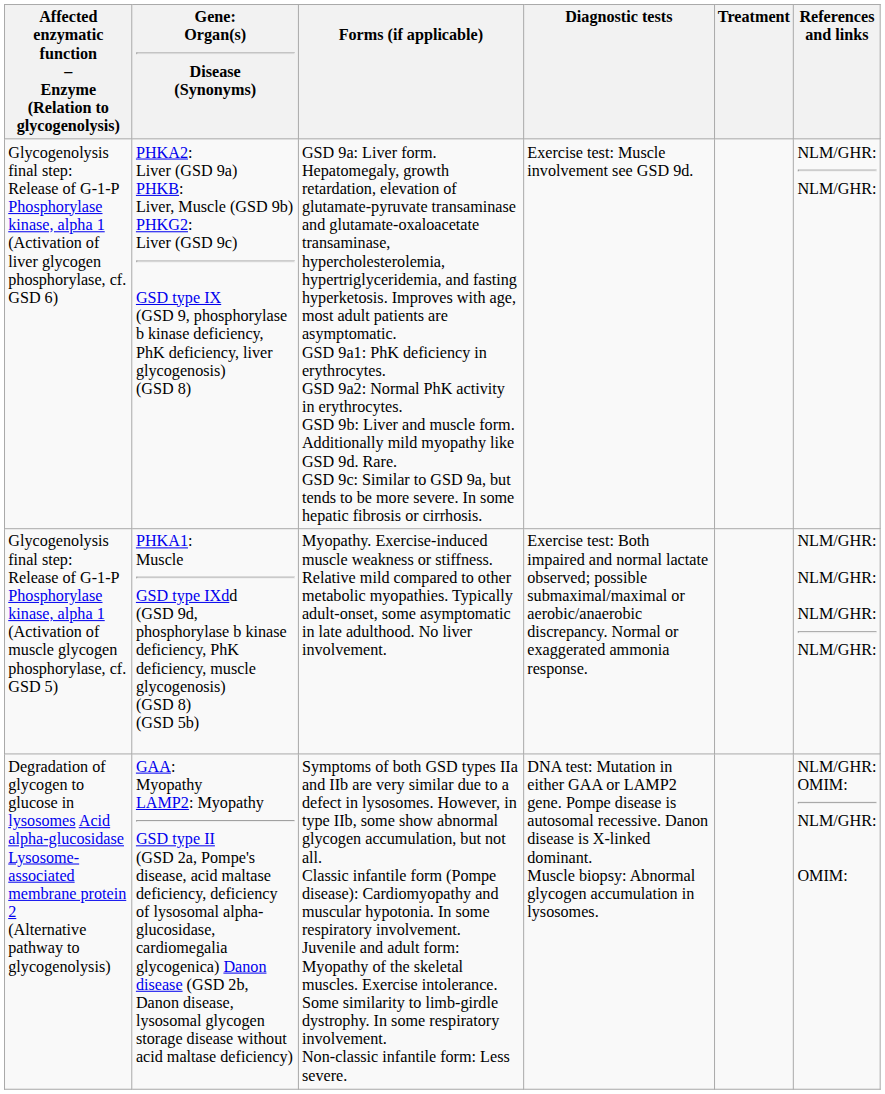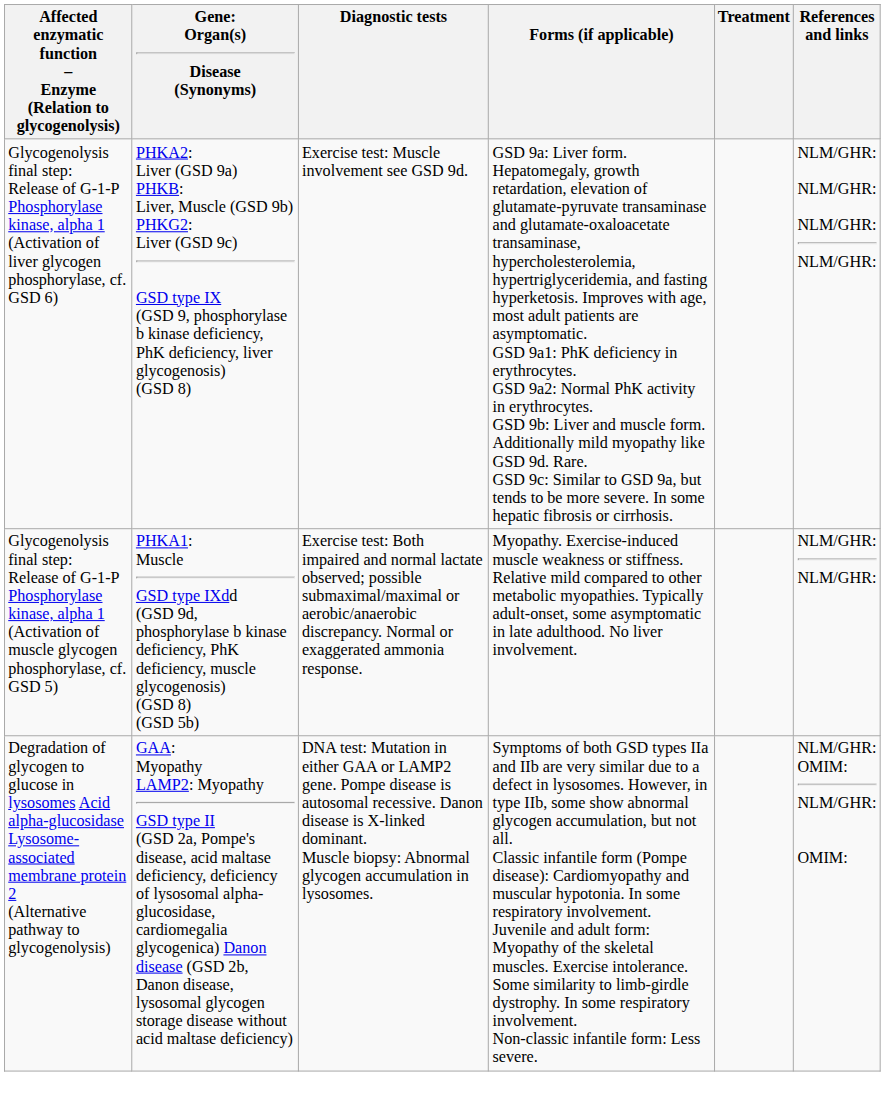 <table class="wikitable">
 <tr valign="top">
 <th>Affected enzymatic function <br>–<br> Enzyme <br> (Relation to glycogenolysis)</th>
 <th>Gene: <br> Organ(s) <hr> Disease <br>(Synonyms)</th>
+<th>Diagnostic tests</th>
 <th> <br> Forms (if applicable) <br> </th>
-<th>Diagnostic tests</th>
 <th>Treatment</th>
 <th>References <br> and links</th>
 </tr>
 <tr valign="top">
 <td>Glycogenolysis final step: <br> Release of G-1-P  <a href='#'>Phosphorylase kinase, alpha 1</a> <br> (Activation of liver glycogen phosphorylase, cf. GSD 6)</td>
 <td><a href='#'>PHKA2</a>: <br> Liver (GSD 9a) <br> <a href='#'>PHKB</a>: <br> Liver, Muscle (GSD 9b) <br> <a href='#'>PHKG2</a>: <br> Liver (GSD 9c) <hr><br><a href='#'>GSD type IX</a> <br>(GSD 9, phosphorylase b kinase deficiency, PhK deficiency, liver glycogenosis) <br>  (GSD 8)</td>
+<td> Exercise test: Muscle involvement see GSD 9d.</td>
 <td>GSD 9a: Liver form. Hepatomegaly, growth retardation, elevation of glutamate-pyruvate transaminase and glutamate-oxaloacetate transaminase, hypercholesterolemia, hypertriglyceridemia, and fasting hyperketosis. Improves with age, most adult patients are asymptomatic. <br> GSD 9a1: PhK deficiency in erythrocytes. <br> GSD 9a2: Normal PhK activity in erythrocytes. <br> GSD 9b: Liver and muscle form. Additionally mild myopathy like GSD 9d. Rare. <br> GSD 9c:  Similar to GSD 9a, but tends to be more severe. In some hepatic fibrosis or cirrhosis.</td>
-<td> Exercise test: Muscle involvement see GSD 9d.</td>
+<td></td>
+<td>NLM/GHR: <br> <br> NLM/GHR: <br> <br> NLM/GHR: <br> <hr> NLM/GHR: <br>  <br>  <br>  <br>  <br>  <br> </td>
+</tr>
+<tr valign="top">
+<td>Glycogenolysis final step: <br> Release of G-1-P  <a href='#'>Phosphorylase kinase, alpha 1</a> <br> (Activation of muscle glycogen phosphorylase, cf. GSD 5)</td>
+<td><a href='#'>PHKA1</a>: <br> Muscle <hr>  <a href='#'>GSD type IXd</a>d <br>(GSD 9d, phosphorylase b kinase deficiency, PhK deficiency, muscle glycogenosis) <br>  (GSD 8) <br>  (GSD 5b)</td>
+<td> Exercise test: Both impaired and normal lactate observed; possible submaximal/maximal or aerobic/anaerobic discrepancy. Normal or exaggerated ammonia response.</td>
+<td>Myopathy. Exercise-induced muscle weakness or stiffness. Relative mild compared to other metabolic myopathies. Typically adult-onset, some asymptomatic in late adulthood. No liver involvement.</td>
 <td></td>
 <td>NLM/GHR: <br> <hr> NLM/GHR: <br>  <br> </td>
 </tr>
 <tr valign="top">
-<td>Glycogenolysis final step: <br> Release of G-1-P  <a href='#'>Phosphorylase kinase, alpha 1</a> <br> (Activation of muscle glycogen phosphorylase, cf. GSD 5)</td>
-<td><a href='#'>PHKA1</a>: <br> Muscle <hr>  <a href='#'>GSD type IXd</a>d <br>(GSD 9d, phosphorylase b kinase deficiency, PhK deficiency, muscle glycogenosis) <br>  (GSD 8) <br>  (GSD 5b)</td>
-<td>Myopathy. Exercise-induced muscle weakness or stiffness. Relative mild compared to other metabolic myopathies. Typically adult-onset, some asymptomatic in late adulthood. No liver involvement.</td>
-<td> Exercise test: Both impaired and normal lactate observed; possible submaximal/maximal or aerobic/anaerobic discrepancy. Normal or exaggerated ammonia response.</td>
-<td></td>
-<td>NLM/GHR: <br> <br> NLM/GHR: <br> <br> NLM/GHR: <br> <hr> NLM/GHR: <br>  <br>  <br>  <br>  <br>  <br> </td>
-</tr>
-<tr valign="top">
 <td>Degradation of glycogen to glucose in <a href='#'>lysosomes</a>  <a href='#'>Acid alpha-glucosidase</a><br><a href='#'>Lysosome-associated membrane protein 2</a> <br> (Alternative pathway to glycogenolysis)</td>
 <td><a href='#'>GAA</a>: <br> Myopathy<br><a href='#'>LAMP2</a>: Myopathy <hr> <a href='#'>GSD type II</a> <br>(GSD 2a, Pompe's disease, acid maltase deficiency, deficiency of lysosomal alpha-glucosidase, cardiomegalia glycogenica) <a href='#'>Danon disease</a> (GSD 2b, Danon disease, lysosomal glycogen storage disease without acid maltase deficiency)</td>
+<td>DNA test: Mutation in either GAA or LAMP2 gene. Pompe disease is autosomal recessive. Danon disease is X-linked dominant.<br>Muscle biopsy: Abnormal glycogen accumulation in lysosomes.</td>
 <td>Symptoms of both GSD types IIa and IIb are very similar due to a defect in lysosomes. However, in type IIb, some show abnormal glycogen accumulation, but not all.<br>Classic infantile form (Pompe disease): Cardiomyopathy and muscular hypotonia. In some respiratory involvement. <br> Juvenile and adult form: Myopathy of the skeletal muscles. Exercise intolerance. Some similarity to limb-girdle dystrophy. In some respiratory involvement. <br> Non-classic infantile form: Less severe.</td>
-<td>DNA test: Mutation in either GAA or LAMP2 gene. Pompe disease is autosomal recessive. Danon disease is X-linked dominant.<br>Muscle biopsy: Abnormal glycogen accumulation in lysosomes.</td>
 <td></td>
 <td>NLM/GHR: <br>OMIM:  <hr> NLM/GHR: <br>  <br>  <br> OMIM: </td>
 </tr>
 </table>
